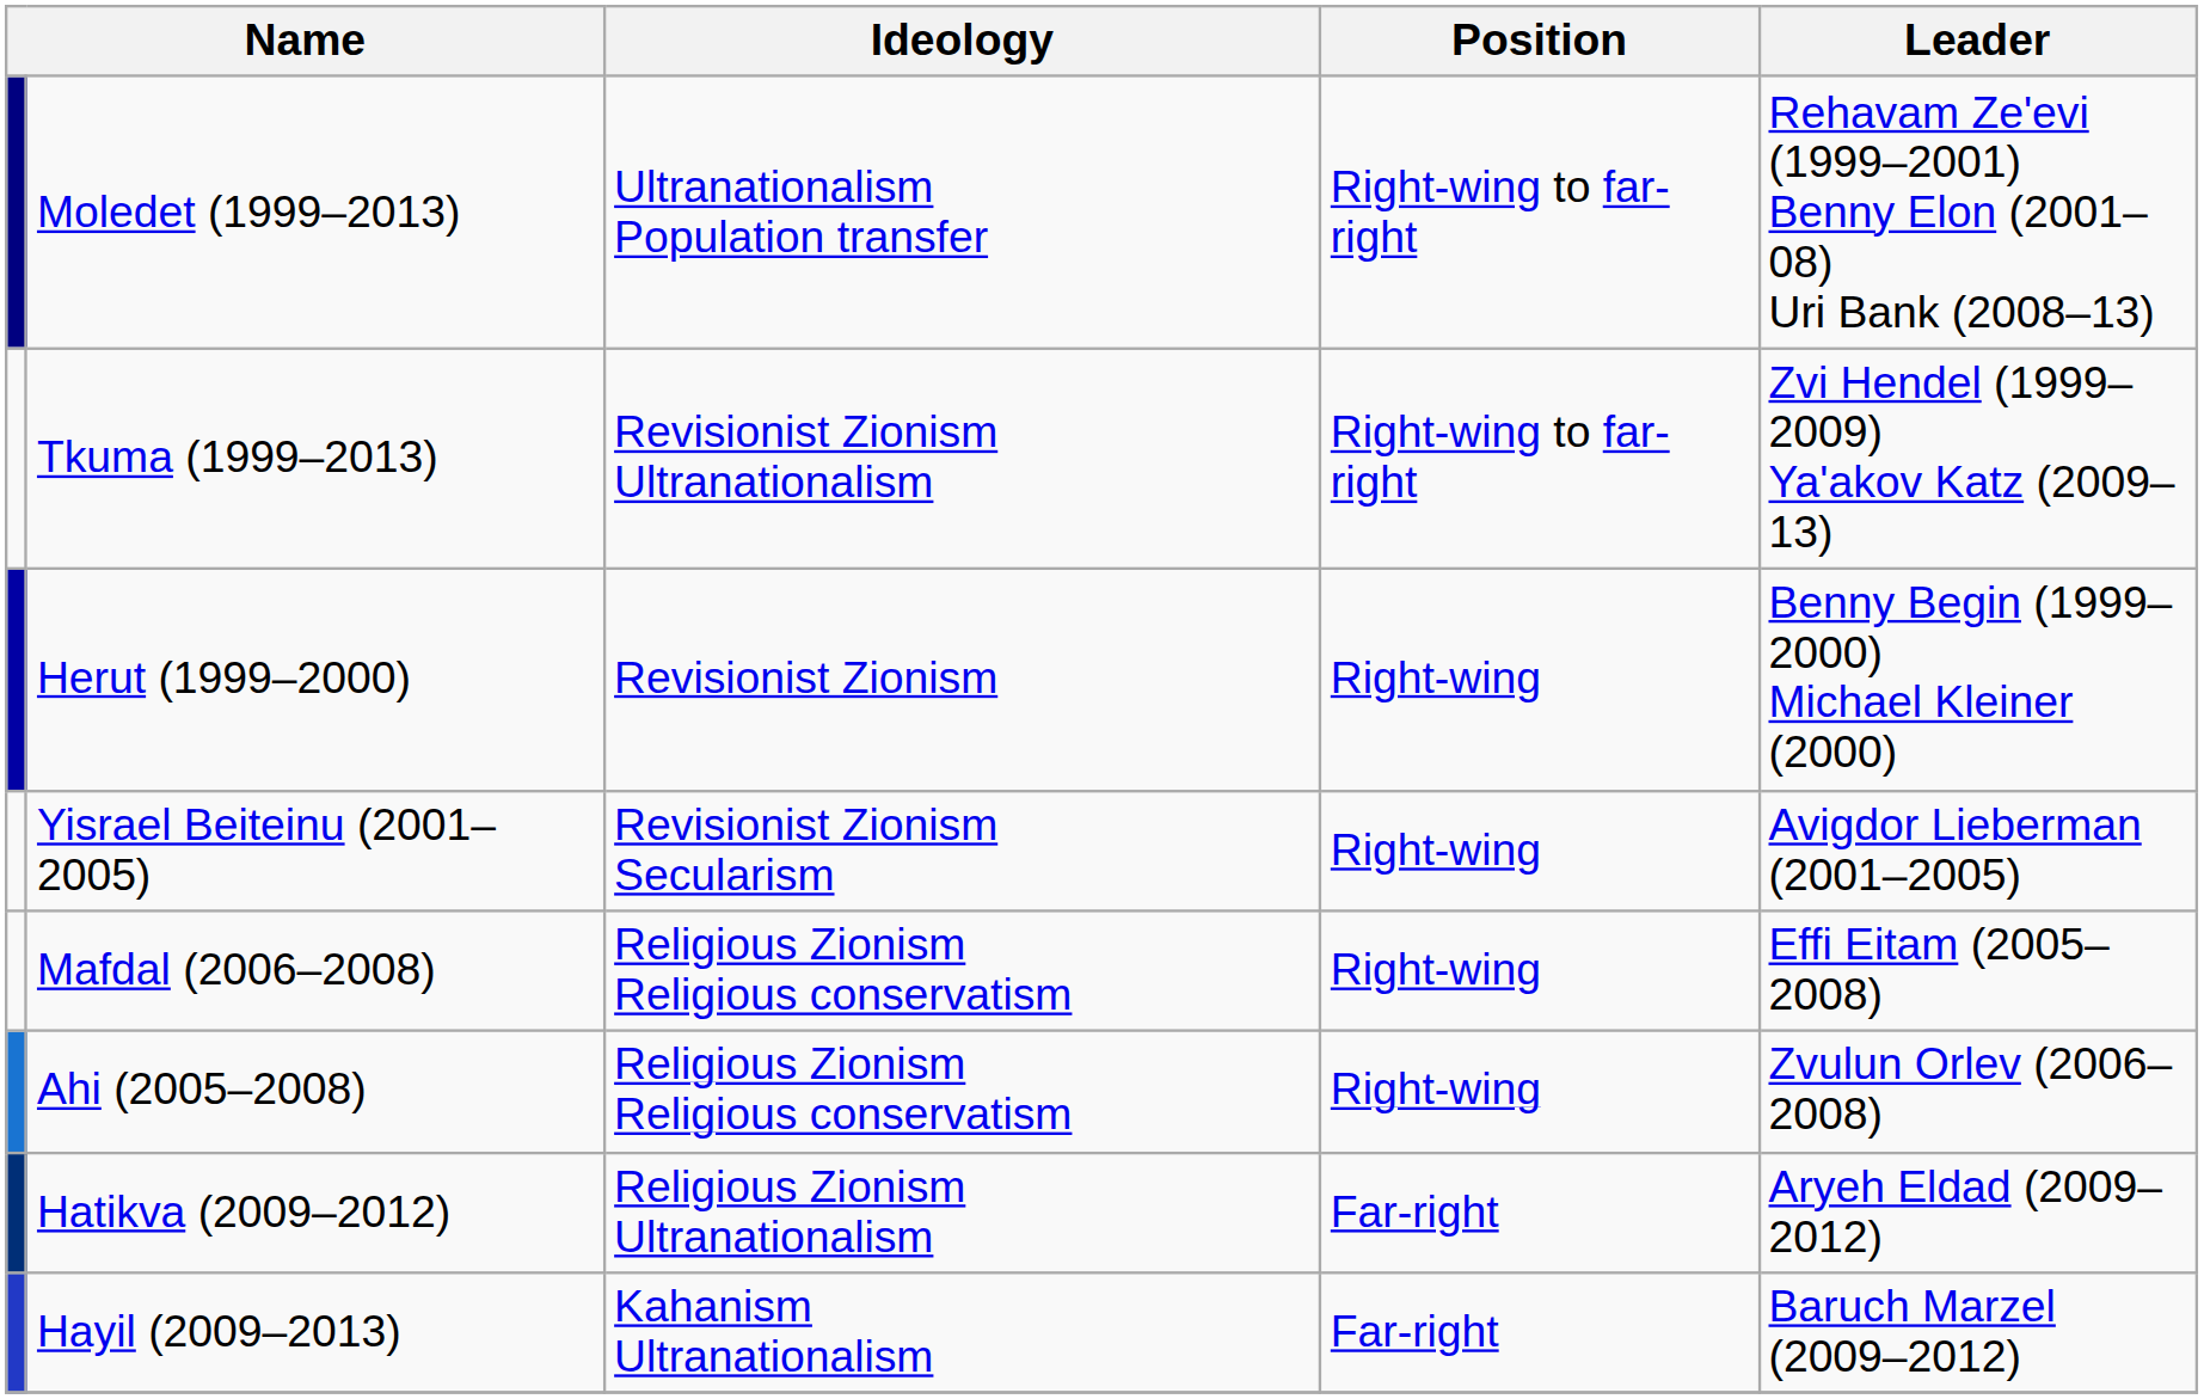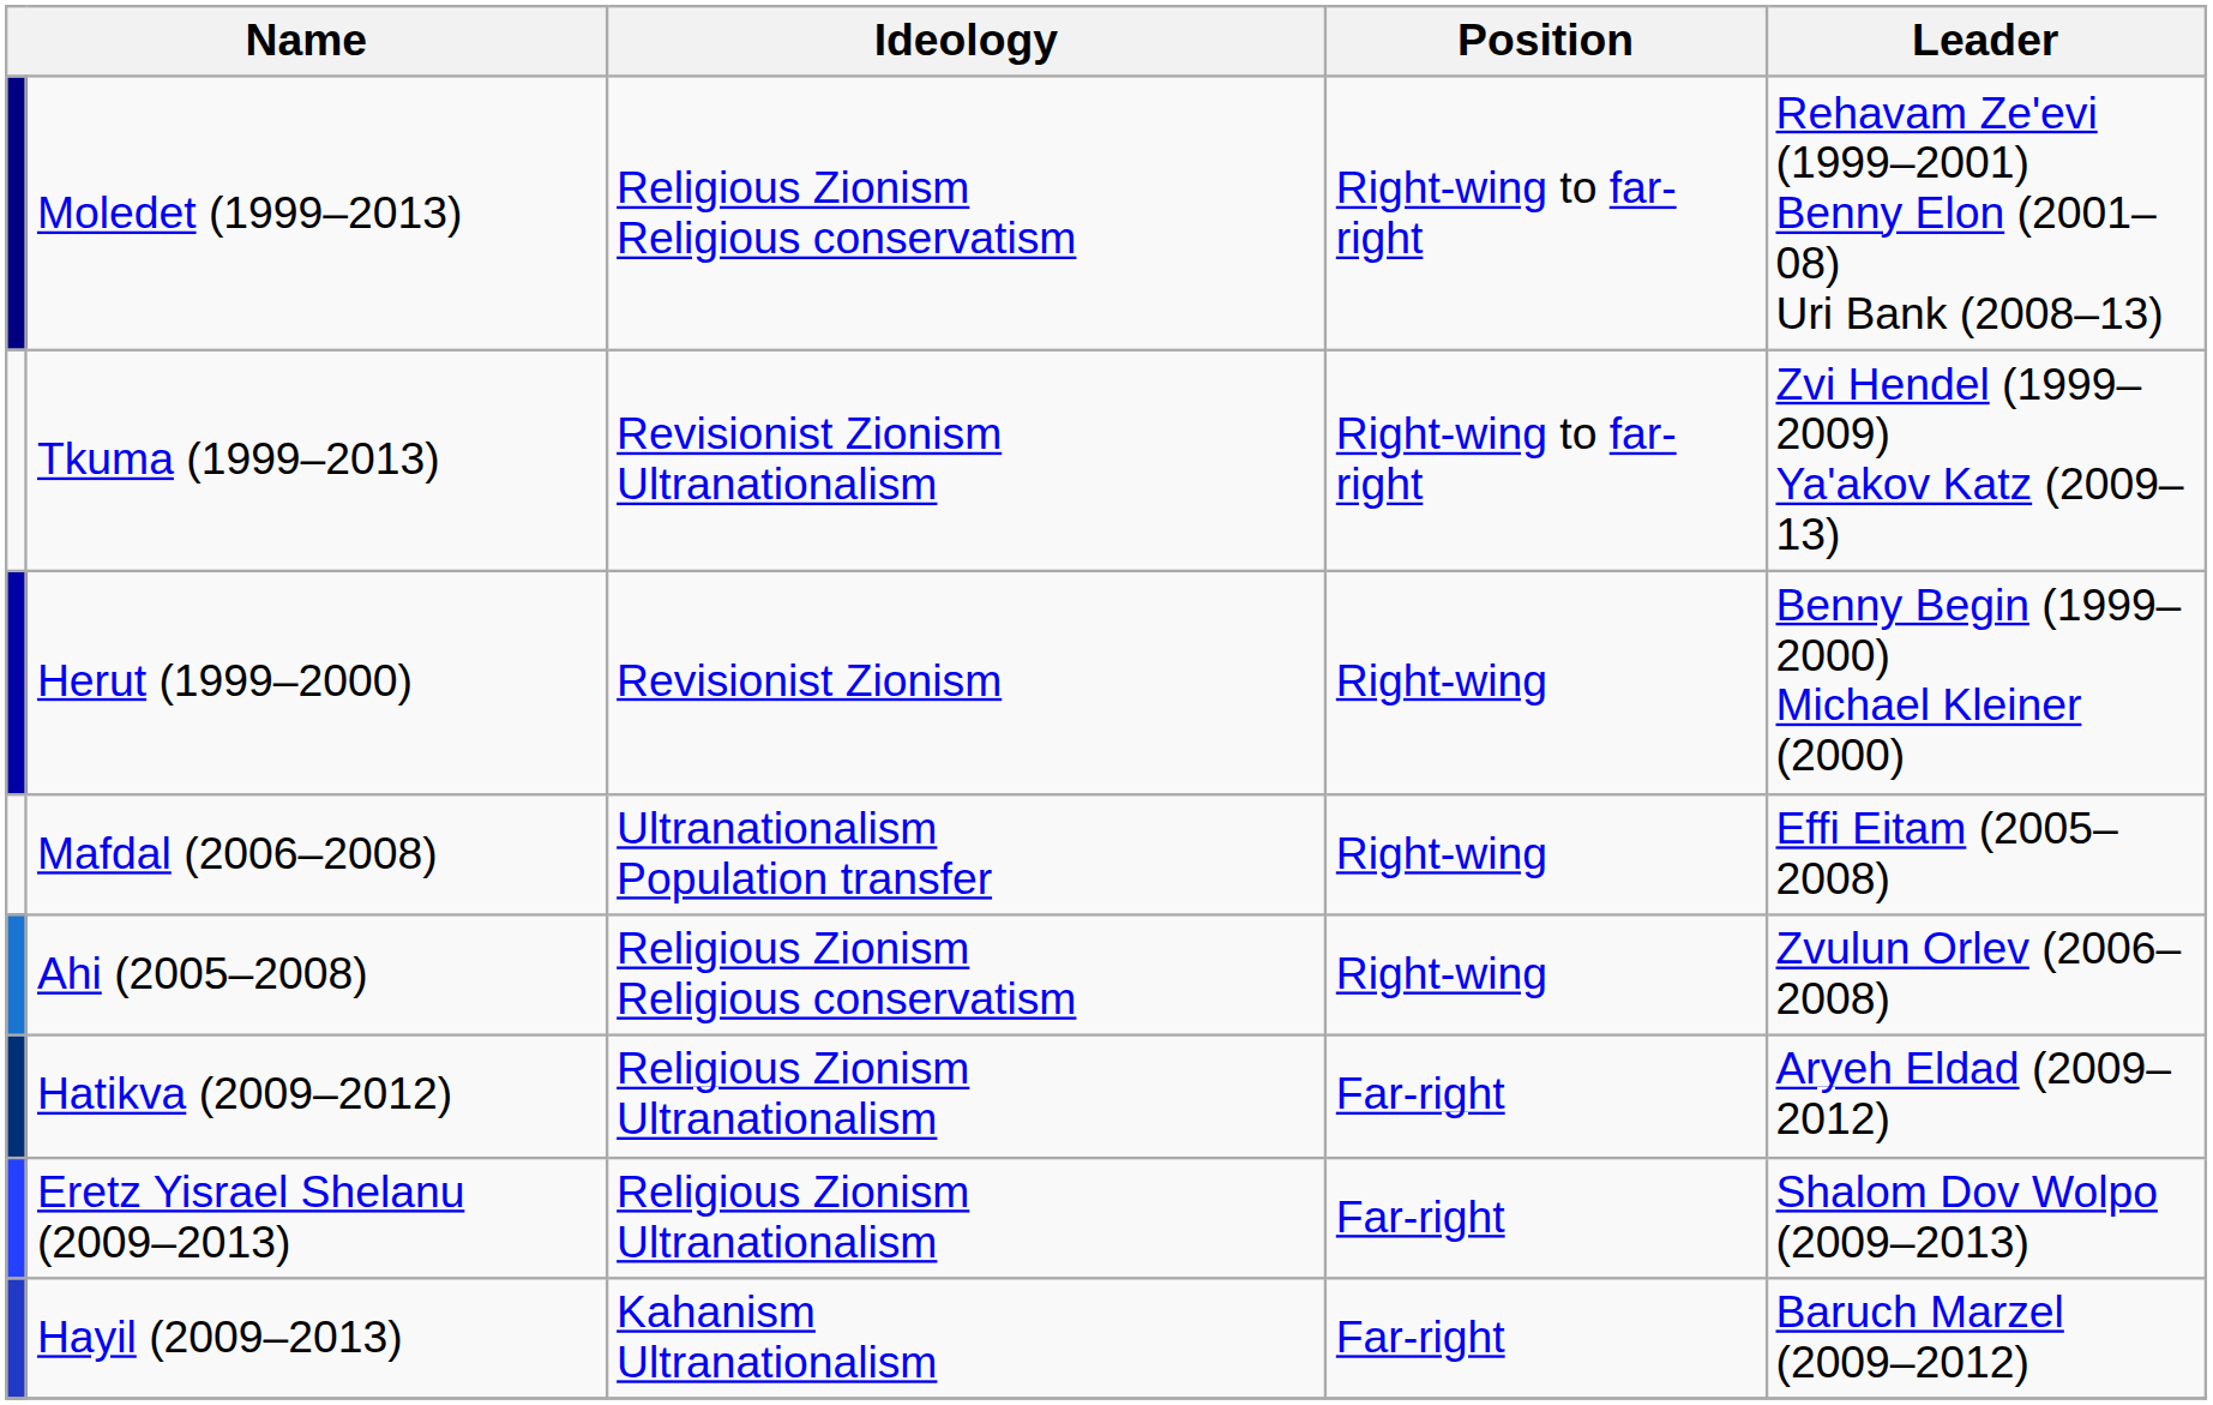 <table class=wikitable>
 <tr>
 <th colspan=2>Name</th>
 <th>Ideology</th>
 <th>Position</th>
 <th>Leader</th>
 </tr>
 <tr>
 <td style="background:#000080"></td>
 <td style="width:200px"><a href='#'>Moledet</a> (1999–2013)</td>
-<td style="width:250px"><a href='#'>Ultranationalism</a><br><a href='#'>Population transfer</a></td>
+<td style="width:250px"><a href='#'>Religious Zionism</a><br> <a href='#'>Religious conservatism</a></td>
 <td style="width:150px"><a href='#'>Right-wing</a> to <a href='#'>far-right</a></td>
 <td style="width:150px"><a href='#'>Rehavam Ze'evi</a> (1999–2001)<br><a href='#'>Benny Elon</a> (2001–08)<br>Uri Bank (2008–13)</td>
 </tr>
 <tr>
 <td style="background:"></td>
 <td style="width:200px"><a href='#'>Tkuma</a> (1999–2013)</td>
 <td style="width:250px"><a href='#'>Revisionist Zionism</a><br> <a href='#'>Ultranationalism</a></td>
 <td style="width:150px"><a href='#'>Right-wing</a> to <a href='#'>far-right</a></td>
 <td style="width:150px"><a href='#'>Zvi Hendel</a> (1999–2009)<br><a href='#'>Ya'akov Katz</a> (2009–13)</td>
 </tr>
 <tr>
 <td style="background:#0100A4"></td>
 <td style="width:200px"><a href='#'>Herut</a> (1999–2000)</td>
 <td style="width:250px"><a href='#'>Revisionist Zionism</a></td>
 <td style="width:150px"><a href='#'>Right-wing</a></td>
 <td style="width:150px"><a href='#'>Benny Begin</a> (1999–2000)<br><a href='#'>Michael Kleiner</a> (2000)</td>
 </tr>
 <tr>
 <td style="background:"></td>
-<td style="width:200px"><a href='#'>Yisrael Beiteinu</a> (2001–2005)</td>
-<td style="width:250px"><a href='#'>Revisionist Zionism</a><br> <a href='#'>Secularism</a></td>
-<td style="width:150px"><a href='#'>Right-wing</a></td>
-<td style="width:150px"><a href='#'>Avigdor Lieberman</a> (2001–2005)</td>
-</tr>
-<tr>
-<td style="background:"></td>
 <td style="width:200px"><a href='#'>Mafdal</a> (2006–2008)</td>
-<td style="width:250px"><a href='#'>Religious Zionism</a><br> <a href='#'>Religious conservatism</a></td>
+<td style="width:250px"><a href='#'>Ultranationalism</a><br><a href='#'>Population transfer</a></td>
 <td style="width:150px"><a href='#'>Right-wing</a></td>
 <td style="width:150px"><a href='#'>Effi Eitam</a> (2005–2008)</td>
 </tr>
 <tr>
 <td style="background:#1974D2"></td>
 <td style="width:200px"><a href='#'>Ahi</a> (2005–2008)</td>
 <td style="width:250px"><a href='#'>Religious Zionism</a><br> <a href='#'>Religious conservatism</a></td>
 <td style="width:150px"><a href='#'>Right-wing</a></td>
 <td style="width:150px"><a href='#'>Zvulun Orlev</a> (2006–2008)</td>
 </tr>
 <tr>
 <td style="background:#002F77"></td>
 <td style="width:200px"><a href='#'>Hatikva</a> (2009–2012)</td>
 <td style="width:250px"><a href='#'>Religious Zionism</a><br> <a href='#'>Ultranationalism</a></td>
 <td style="width:150px"><a href='#'>Far-right</a></td>
 <td style="width:150px"><a href='#'>Aryeh Eldad</a> (2009–2012)</td>
 </tr>
 <tr>
+<td style="background:#2441ff"></td>
+<td style="width:200px"><a href='#'>Eretz Yisrael Shelanu</a> (2009–2013)</td>
+<td style="width:250px"><a href='#'>Religious Zionism</a><br> <a href='#'>Ultranationalism</a></td>
+<td style="width:150px"><a href='#'>Far-right</a></td>
+<td style="width:150px"><a href='#'>Shalom Dov Wolpo</a> (2009–2013)</td>
+</tr>
+<tr>
 <td style="background:#2239C6"></td>
 <td style="width:200px"><a href='#'>Hayil</a> (2009–2013)</td>
 <td style="width:250px"><a href='#'>Kahanism</a><br> <a href='#'>Ultranationalism</a></td>
 <td style="width:150px"><a href='#'>Far-right</a></td>
 <td style="width:150px"><a href='#'>Baruch Marzel</a> (2009–2012)</td>
 </tr>
 <tr>
 </tr>
 </table>
